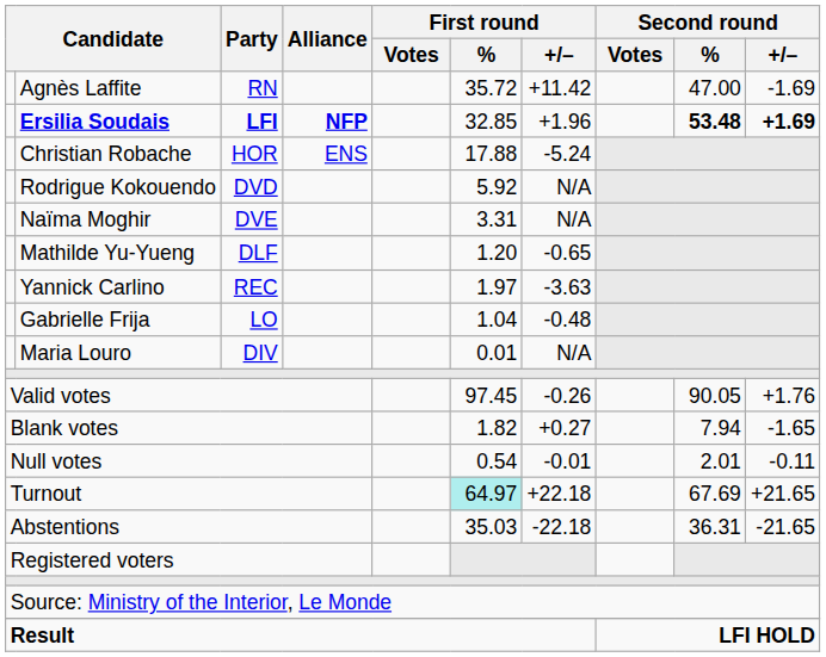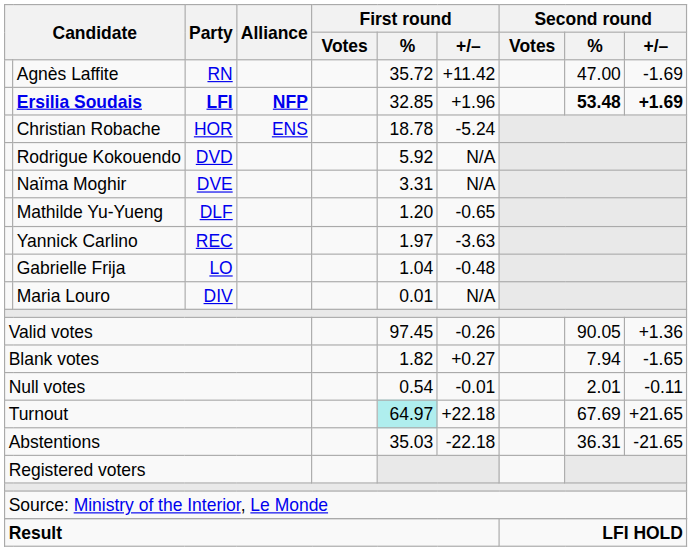 <table class="wikitable" style="text-align:right;font-size:95%;">
 <tr>
 <th rowspan="2" colspan="2">Candidate</th>
 <th rowspan="2">Party</th>
 <th rowspan="2">Alliance</th>
 <th colspan="3">First round</th>
 <th colspan="3">Second round</th>
 </tr>
 <tr>
 <th style="width:50px;">Votes</th>
 <th style="width:45px;">%</th>
 <th style="width:45px;">+/–</th>
 <th style="width:50px;">Votes</th>
 <th style="width:45px;">%</th>
 <th style="width:45px;">+/–</th>
 </tr>
 <tr>
 <td style="color:inherit;background:"></td>
 <td style="text-align:left;">Agnès Laffite</td>
 <td><a href='#'>RN</a></td>
 <td></td>
 <td></td>
 <td>35.72</td>
 <td>+11.42</td>
 <td></td>
 <td>47.00</td>
 <td>-1.69</td>
 </tr>
 <tr>
 <td style="color:inherit;background:"></td>
 <td style="text-align:left;"><strong><a href='#'>Ersilia Soudais</a></strong></td>
 <td><a href='#'><strong>LFI</strong></a></td>
 <td><a href='#'><strong>NFP</strong></a></td>
 <td></td>
 <td>32.85</td>
 <td>+1.96</td>
 <td><strong></strong></td>
 <td><strong>53.48</strong></td>
 <td><strong>+1.69</strong></td>
 </tr>
 <tr>
 <td style="color:inherit;background:"></td>
 <td style="text-align:left;">Christian Robache</td>
 <td><a href='#'>HOR</a></td>
 <td><a href='#'>ENS</a></td>
 <td></td>
-<td>17.88</td>
+<td>18.78</td>
 <td>-5.24</td>
 <td colspan="3" style="background:#E9E9E9;"></td>
 </tr>
 <tr>
 <td style="color:inherit;background:"></td>
 <td style="text-align:left;">Rodrigue Kokouendo</td>
 <td><a href='#'>DVD</a></td>
 <td></td>
 <td></td>
 <td>5.92</td>
 <td>N/A</td>
 <td colspan="3" style="background:#E9E9E9;"></td>
 </tr>
 <tr>
 <td style="color:inherit;background:"></td>
 <td style="text-align:left;">Naïma Moghir</td>
 <td><a href='#'>DVE</a></td>
 <td></td>
 <td></td>
 <td>3.31</td>
 <td>N/A</td>
 <td colspan="3" style="background:#E9E9E9;"></td>
 </tr>
 <tr>
 <td style="color:inherit;background:"></td>
 <td style="text-align:left;">Mathilde Yu-Yueng</td>
 <td><a href='#'>DLF</a></td>
 <td></td>
 <td></td>
 <td>1.20</td>
 <td>-0.65</td>
 <td colspan="3" style="background:#E9E9E9;"></td>
 </tr>
 <tr>
 <td style="color:inherit;background:"></td>
 <td style="text-align:left;">Yannick Carlino</td>
 <td><a href='#'>REC</a></td>
 <td></td>
 <td></td>
 <td>1.97</td>
 <td>-3.63</td>
 <td colspan="3" style="background:#E9E9E9;"></td>
 </tr>
 <tr>
 <td style="color:inherit;background:"></td>
 <td style="text-align:left;">Gabrielle Frija</td>
 <td><a href='#'>LO</a></td>
 <td></td>
 <td></td>
 <td>1.04</td>
 <td>-0.48</td>
 <td colspan="3" style="background:#E9E9E9;"></td>
 </tr>
 <tr>
 <td style="color:inherit;background:"></td>
 <td style="text-align:left;">Maria Louro</td>
 <td><a href='#'>DIV</a></td>
 <td></td>
 <td></td>
 <td>0.01</td>
 <td>N/A</td>
 <td colspan="3" style="background:#E9E9E9;"></td>
 </tr>
 <tr>
 <td colspan="10" style="background:#E9E9E9;"></td>
 </tr>
 <tr>
 <td colspan="4" style="text-align:left;">Valid votes</td>
 <td></td>
 <td>97.45</td>
 <td>-0.26</td>
 <td></td>
 <td>90.05</td>
-<td>+1.76</td>
+<td>+1.36</td>
 </tr>
 <tr>
 <td colspan="4" style="text-align:left;">Blank votes</td>
 <td></td>
 <td>1.82</td>
 <td>+0.27</td>
 <td></td>
 <td>7.94</td>
 <td>-1.65</td>
 </tr>
 <tr>
 <td colspan="4" style="text-align:left;">Null votes</td>
 <td></td>
 <td>0.54</td>
 <td>-0.01</td>
 <td></td>
 <td>2.01</td>
 <td>-0.11</td>
 </tr>
 <tr>
 <td colspan="4" style="text-align:left;">Turnout</td>
 <td></td>
 <td style="background: paleturquoise;">64.97</td>
 <td>+22.18</td>
 <td></td>
 <td>67.69</td>
 <td>+21.65</td>
 </tr>
 <tr>
 <td colspan="4" style="text-align:left;">Abstentions</td>
 <td></td>
 <td>35.03</td>
 <td>-22.18</td>
 <td></td>
 <td>36.31</td>
 <td>-21.65</td>
 </tr>
 <tr>
 <td colspan="4" style="text-align:left;">Registered voters</td>
 <td></td>
 <td colspan="2" style="background:#E9E9E9;"></td>
 <td></td>
 <td colspan="2" style="background:#E9E9E9;"></td>
 </tr>
 <tr>
 <td colspan="10" style="background:#E9E9E9;"></td>
 </tr>
 <tr>
 <td colspan="10" style="text-align:left;">Source: <a href='#'>Ministry of the Interior</a>, <a href='#'>Le Monde</a></td>
 </tr>
 <tr>
 </tr>
 <tr style="font-weight:bold">
 <td colspan="7" style="text-align:left;">Result</td>
 <td colspan="7" style="background-color:">LFI HOLD</td>
 </tr>
 </table>
